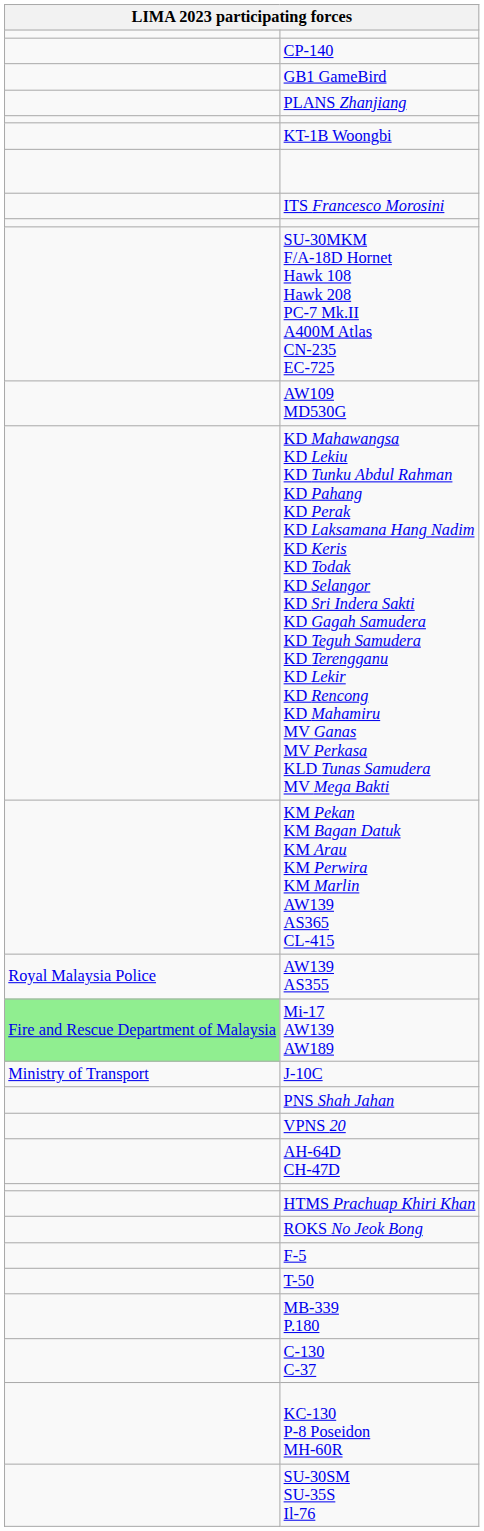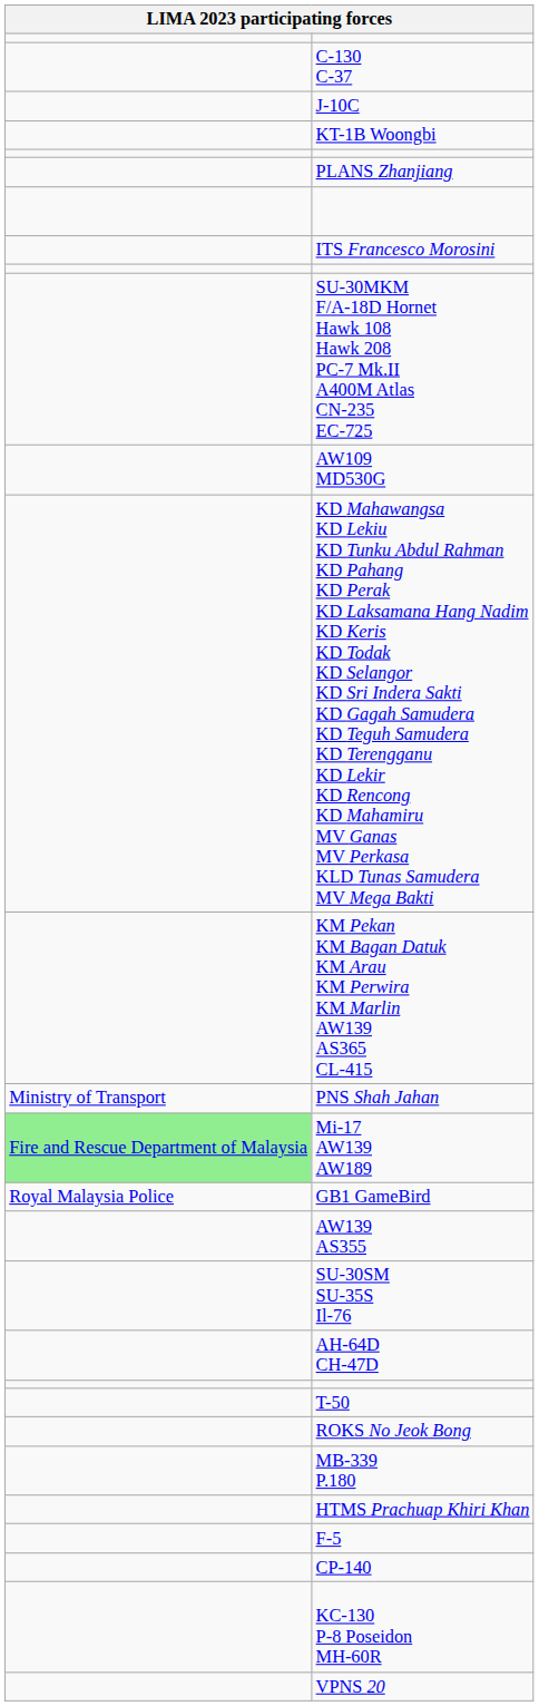 <table class="wikitable collapsible collapsed">
 <tr>
 <th colspan=2>LIMA 2023 participating forces</th>
 </tr>
 <tr>
 <td></td>
 <td></td>
 </tr>
 <tr>
 <td></td>
-<td><a href='#'>CP-140</a></td>
+<td><a href='#'>C-130</a><br><a href='#'>C-37</a></td>
 </tr>
 <tr>
 <td></td>
-<td><a href='#'>GB1 GameBird</a></td>
+<td><a href='#'>J-10C</a></td>
 </tr>
 <tr>
 <td></td>
-<td><a href='#'>PLANS <em>Zhanjiang</em></a></td>
+<td><a href='#'>KT-1B Woongbi</a></td>
 </tr>
 <tr>
 <td></td>
 <td></td>
 </tr>
 <tr>
 <td></td>
-<td><a href='#'>KT-1B Woongbi</a></td>
+<td><a href='#'>PLANS <em>Zhanjiang</em></a></td>
 </tr>
 <tr>
 <td></td>
 <td><br><br></td>
 </tr>
 <tr>
 <td></td>
 <td><a href='#'>ITS <em>Francesco Morosini</em></a></td>
 </tr>
 <tr>
 <td></td>
 <td></td>
 </tr>
 <tr>
 <td></td>
 <td><a href='#'>SU-30MKM</a><br><a href='#'>F/A-18D Hornet</a><br><a href='#'>Hawk 108</a><br><a href='#'>Hawk 208</a><br><a href='#'>PC-7 Mk.II</a><br><a href='#'>A400M Atlas</a><br><a href='#'>CN-235</a><br><a href='#'>EC-725</a></td>
 </tr>
 <tr>
 <td></td>
 <td><a href='#'>AW109</a><br><a href='#'>MD530G</a></td>
 </tr>
 <tr>
 <td></td>
 <td><a href='#'>KD <em>Mahawangsa</em></a><br><a href='#'>KD <em>Lekiu</em></a><br><a href='#'>KD <em>Tunku Abdul Rahman</em></a><br><a href='#'>KD <em>Pahang</em></a><br><a href='#'>KD <em>Perak</em></a><br><a href='#'>KD <em>Laksamana Hang Nadim</em></a><br><a href='#'>KD <em>Keris</em></a><br><a href='#'>KD <em>Todak</em></a><br><a href='#'>KD <em>Selangor</em></a><br><a href='#'>KD <em>Sri Indera Sakti</em></a><br><a href='#'>KD <em>Gagah Samudera</em></a><br><a href='#'>KD <em>Teguh Samudera</em></a><br><a href='#'>KD <em>Terengganu</em></a><br><a href='#'>KD <em>Lekir</em></a><br><a href='#'>KD <em>Rencong</em></a><br><a href='#'>KD <em>Mahamiru</em></a><br><a href='#'>MV <em>Ganas</em></a><br><a href='#'>MV <em>Perkasa</em></a><br><a href='#'>KLD <em>Tunas Samudera</em></a><br><a href='#'>MV <em>Mega Bakti</em></a></td>
 </tr>
 <tr>
 <td></td>
 <td><a href='#'>KM <em>Pekan</em></a><br><a href='#'>KM <em>Bagan Datuk</em></a><br><a href='#'>KM <em>Arau</em></a><br><a href='#'>KM <em>Perwira</em></a><br><a href='#'>KM <em>Marlin</em></a><br><a href='#'>AW139</a><br><a href='#'>AS365</a><br><a href='#'>CL-415</a></td>
 </tr>
 <tr>
-<td><a href='#'>Royal Malaysia Police</a></td>
-<td><a href='#'>AW139</a><br><a href='#'>AS355</a></td>
+<td> <a href='#'>Ministry of Transport</a></td>
+<td><a href='#'>PNS <em>Shah Jahan</em></a></td>
 </tr>
 <tr>
 <td style="background: lightgreen;"> <a href='#'>Fire and Rescue Department of Malaysia</a></td>
 <td><a href='#'>Mi-17</a><br><a href='#'>AW139</a><br><a href='#'>AW189</a></td>
 </tr>
 <tr>
-<td> <a href='#'>Ministry of Transport</a></td>
-<td><a href='#'>J-10C</a></td>
+<td><a href='#'>Royal Malaysia Police</a></td>
+<td><a href='#'>GB1 GameBird</a></td>
 </tr>
 <tr>
 <td></td>
-<td><a href='#'>PNS <em>Shah Jahan</em></a></td>
+<td><a href='#'>AW139</a><br><a href='#'>AS355</a></td>
 </tr>
 <tr>
 <td></td>
-<td><a href='#'>VPNS <em>20</em></a></td>
+<td><a href='#'>SU-30SM</a><br><a href='#'>SU-35S</a><br><a href='#'>Il-76</a></td>
 </tr>
 <tr>
 <td></td>
 <td><a href='#'>AH-64D</a><br><a href='#'>CH-47D</a></td>
 </tr>
 <tr>
 <td></td>
 <td></td>
 </tr>
 <tr>
 <td></td>
-<td><a href='#'>HTMS <em>Prachuap Khiri Khan</em></a></td>
+<td><a href='#'>T-50</a></td>
 </tr>
 <tr>
 <td></td>
 <td><a href='#'>ROKS <em>No Jeok Bong</em></a></td>
 </tr>
 <tr>
 <td></td>
+<td><a href='#'>MB-339</a><br><a href='#'>P.180</a></td>
+</tr>
+<tr>
+<td></td>
+<td><a href='#'>HTMS <em>Prachuap Khiri Khan</em></a></td>
+</tr>
+<tr>
+<td></td>
 <td><a href='#'>F-5</a></td>
 </tr>
 <tr>
 <td></td>
-<td><a href='#'>T-50</a></td>
-</tr>
-<tr>
-<td></td>
-<td><a href='#'>MB-339</a><br><a href='#'>P.180</a></td>
-</tr>
-<tr>
-<td></td>
-<td><a href='#'>C-130</a><br><a href='#'>C-37</a></td>
+<td><a href='#'>CP-140</a></td>
 </tr>
 <tr>
 <td></td>
 <td><br><a href='#'>KC-130</a><br><a href='#'>P-8 Poseidon</a><br><a href='#'>MH-60R</a></td>
 </tr>
 <tr>
 <td></td>
-<td><a href='#'>SU-30SM</a><br><a href='#'>SU-35S</a><br><a href='#'>Il-76</a></td>
+<td><a href='#'>VPNS <em>20</em></a></td>
 </tr>
 </table>
